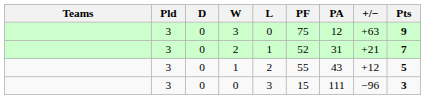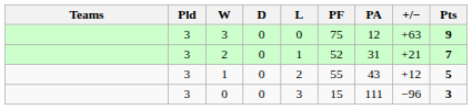 <table class="wikitable" style="text-align: center;">
 <tr>
 <th width="200">Teams</th>
 <th width="40">Pld</th>
+<th width="40">W</th>
 <th width="40">D</th>
-<th width="40">W</th>
 <th width="40">L</th>
 <th width="40">PF</th>
 <th width="40">PA</th>
 <th width="40">+/−</th>
 <th width="40">Pts</th>
 </tr>
 <tr bgcolor=ccffcc>
 <td align=left></td>
 <td>3</td>
+<td>3</td>
 <td>0</td>
-<td>3</td>
 <td>0</td>
 <td>75</td>
 <td>12</td>
 <td>+63</td>
 <td><strong>9</strong></td>
 </tr>
 <tr bgcolor=ccffcc>
 <td align=left></td>
 <td>3</td>
+<td>2</td>
 <td>0</td>
-<td>2</td>
 <td>1</td>
 <td>52</td>
 <td>31</td>
 <td>+21</td>
 <td><strong>7</strong></td>
 </tr>
 <tr>
 <td align=left></td>
 <td>3</td>
+<td>1</td>
 <td>0</td>
-<td>1</td>
 <td>2</td>
 <td>55</td>
 <td>43</td>
 <td>+12</td>
 <td><strong>5</strong></td>
 </tr>
 <tr>
 <td align=left></td>
 <td>3</td>
 <td>0</td>
 <td>0</td>
 <td>3</td>
 <td>15</td>
 <td>111</td>
 <td>−96</td>
 <td><strong>3</strong></td>
 </tr>
 </table>
